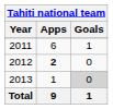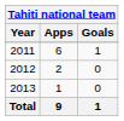 <table class="wikitable" style="text-align:center">
 <tr>
 <th colspan=3><a href='#'>Tahiti national team</a></th>
 </tr>
 <tr>
 <th>Year</th>
 <th>Apps</th>
 <th>Goals</th>
 </tr>
 <tr>
 </tr>
 <tr>
 <td>2011</td>
 <td>6</td>
 <td>1</td>
 </tr>
 <tr>
 <td>2012</td>
-<td><strong>2</strong></td>
+<td>2</td>
 <td>0</td>
 </tr>
 <tr>
 <td>2013</td>
 <td>1</td>
-<td style="background: lightgrey;">0</td>
+<td>0</td>
 </tr>
 <tr>
 <th>Total</th>
 <th>9</th>
 <th>1</th>
 </tr>
 </table>
